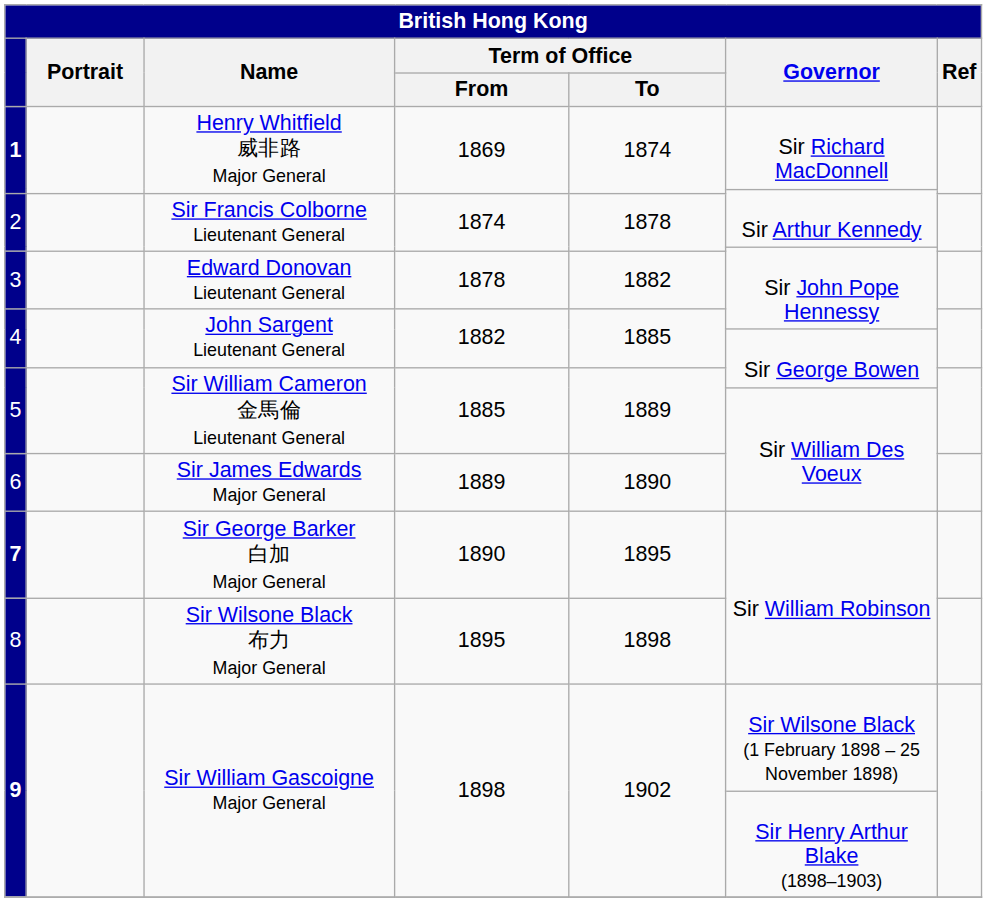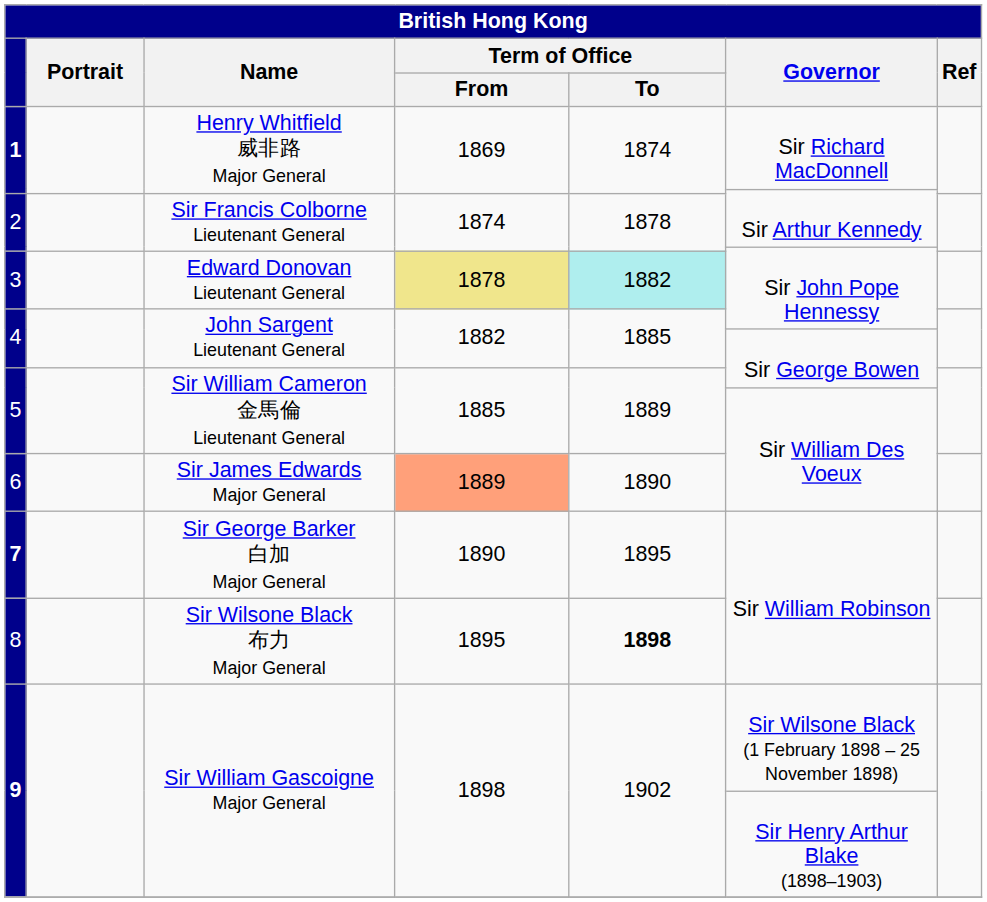 <table class="wikitable" style="text-align:center">
 <tr>
 <th colspan="7" align="center" style="background:darkblue; color:white;"> British Hong Kong <strong></strong></th>
 </tr>
 <tr>
 <th rowspan="2" align="center" style="background:darkblue; color:white;"><strong></strong></th>
 <th rowspan="2" width="80px">Portrait</th>
 <th rowspan="2" width="180px">Name</th>
 <th colspan="2" width="240px">Term of Office</th>
 <th rowspan="2" width="150px"><a href='#'>Governor</a></th>
 <th rowspan="2">Ref</th>
 </tr>
 <tr>
 <th>From</th>
 <th>To</th>
 </tr>
 <tr>
 <th rowspan="2" align="center" style="background:darkblue; color:white;">1</th>
 <td rowspan="2"></td>
 <td rowspan="2"><a href='#'>Henry Whitfield</a><br>威非路<br><small>Major General</small></td>
 <td rowspan="2">1869</td>
 <td rowspan="2">1874</td>
 <td><br>Sir <a href='#'>Richard MacDonnell</a><br></td>
 <td rowspan="2"></td>
 </tr>
 <tr>
 <td rowspan="2"><br>Sir <a href='#'>Arthur Kennedy</a><br></td>
 </tr>
 <tr>
 <td rowspan="2" align="center" style="background:darkblue; color:white;">2</td>
 <td rowspan="2"></td>
 <td rowspan="2"><a href='#'>Sir Francis Colborne</a><br><small>Lieutenant General</small></td>
 <td rowspan="2">1874</td>
 <td rowspan="2">1878</td>
 <td rowspan="2"></td>
 </tr>
 <tr>
 <td rowspan="3"><br>Sir <a href='#'>John Pope Hennessy</a><br></td>
 </tr>
 <tr>
 <td align="center" style="background:darkblue; color:white;">3</td>
 <td></td>
 <td><a href='#'>Edward Donovan</a><br><small>Lieutenant General</small></td>
-<td>1878</td>
-<td>1882</td>
+<td style="background: khaki;">1878</td>
+<td style="background: paleturquoise;">1882</td>
 <td></td>
 </tr>
 <tr>
 <td rowspan="2" align="center" style="background:darkblue; color:white;">4</td>
 <td rowspan="2"></td>
 <td rowspan="2"><a href='#'>John Sargent</a><br><small>Lieutenant General</small></td>
 <td rowspan="2">1882</td>
 <td rowspan="2">1885</td>
 <td rowspan="2"></td>
 </tr>
 <tr>
 <td rowspan="2"><br>Sir <a href='#'>George Bowen</a><br></td>
 </tr>
 <tr>
 <td rowspan="2" align="center" style="background:darkblue; color:white;">5</td>
 <td rowspan="2"></td>
 <td rowspan="2"><a href='#'>Sir William Cameron</a><br>金馬倫<br><small>Lieutenant General</small></td>
 <td rowspan="2">1885</td>
 <td rowspan="2">1889</td>
 <td rowspan="2"></td>
 </tr>
 <tr>
 <td rowspan="3"><br>Sir <a href='#'>William Des Voeux</a><br></td>
 </tr>
 <tr>
 <td align="center" style="background:darkblue; color:white;">6</td>
 <td></td>
 <td><a href='#'>Sir James Edwards</a><br><small>Major General</small></td>
-<td>1889</td>
+<td style="background: lightsalmon;">1889</td>
 <td>1890</td>
 <td></td>
 </tr>
 <tr>
 <th rowspan="2" align="center" style="background:darkblue; color:white;">7</th>
 <td rowspan="2"></td>
 <td rowspan="2"><a href='#'>Sir George Barker</a><br>白加<br><small>Major General</small></td>
 <td rowspan="2">1890</td>
 <td rowspan="2">1895</td>
 <td rowspan="2"></td>
 </tr>
 <tr>
 <td rowspan="3"><br>Sir <a href='#'>William Robinson</a><br></td>
 </tr>
 <tr>
 <td align="center" style="background:darkblue; color:white;">8</td>
 <td></td>
 <td><a href='#'>Sir Wilsone Black</a><br>布力<br><small>Major General</small></td>
 <td>1895</td>
-<td>1898</td>
+<td><strong>1898</strong></td>
 <td></td>
 </tr>
 <tr>
 <th rowspan="3" align="center" style="background:darkblue; color:white;">9</th>
 <td rowspan="3"></td>
 <td rowspan="3"><a href='#'>Sir William Gascoigne</a><br><small>Major General</small></td>
 <td rowspan="3">1898</td>
 <td rowspan="3">1902</td>
 <td rowspan="3"></td>
 </tr>
 <tr>
 <td><br><a href='#'>Sir Wilsone Black</a><br><small>(1 February 1898 – 25 November 1898)</small></td>
 </tr>
 <tr>
 <td><br><a href='#'>Sir Henry Arthur Blake</a><br><small>(1898–1903)</small></td>
 </tr>
 <tr>
 </tr>
 </table>
